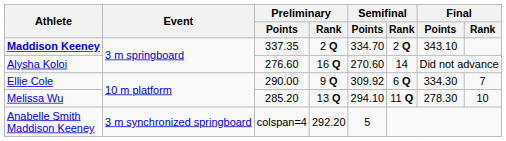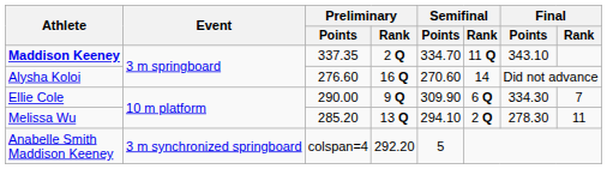 <table class=wikitable style=font-size:90%;text-align:center>
 <tr>
 <th rowspan=2>Athlete</th>
 <th rowspan=2>Event</th>
 <th colspan=2>Preliminary</th>
 <th colspan=2>Semifinal</th>
 <th colspan=2>Final</th>
 </tr>
 <tr style=font-size:95%>
 <th>Points</th>
 <th>Rank</th>
 <th>Points</th>
 <th>Rank</th>
 <th>Points</th>
 <th>Rank</th>
 </tr>
 <tr>
 <td align=left><strong><a href='#'>Maddison Keeney</a></strong></td>
 <td align=left rowspan=2><a href='#'>3 m springboard</a></td>
 <td>337.35</td>
 <td>2 <strong>Q</strong></td>
 <td>334.70</td>
-<td>2 <strong>Q</strong></td>
+<td>11 <strong>Q</strong></td>
 <td>343.10</td>
 <td></td>
 </tr>
 <tr>
 <td align=left><a href='#'>Alysha Koloi</a></td>
 <td>276.60</td>
 <td>16 <strong>Q</strong></td>
 <td>270.60</td>
 <td>14</td>
 <td colspan=2>Did not advance</td>
 </tr>
 <tr>
 <td align=left><a href='#'>Ellie Cole</a></td>
 <td align=left rowspan=2><a href='#'>10 m platform</a></td>
 <td>290.00</td>
 <td>9 <strong>Q</strong></td>
-<td>309.92</td>
+<td>309.90</td>
 <td>6 <strong>Q</strong></td>
 <td>334.30</td>
 <td>7</td>
 </tr>
 <tr>
 <td align=left><a href='#'>Melissa Wu</a></td>
 <td>285.20</td>
 <td>13 <strong>Q</strong></td>
 <td>294.10</td>
-<td>11 <strong>Q</strong></td>
+<td>2 <strong>Q</strong></td>
 <td>278.30</td>
-<td>10</td>
+<td>11</td>
 </tr>
 <tr>
 <td align=left><a href='#'>Anabelle Smith</a><br><a href='#'>Maddison Keeney</a></td>
 <td align=left><a href='#'>3 m synchronized springboard</a></td>
 <td>colspan=4 </td>
 <td>292.20</td>
 <td>5</td>
 </tr>
 </table>
